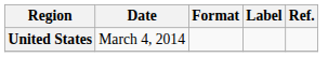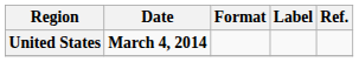 <table class="wikitable plainrowheaders">
 <tr>
 <th scope="col">Region</th>
 <th scope="col">Date</th>
 <th scope="col">Format</th>
 <th scope="col">Label</th>
 <th scope="col">Ref.</th>
 </tr>
 <tr>
 <th scope="row">United States</th>
-<td>March 4, 2014</td>
+<td><strong>March 4, 2014</strong></td>
 <td></td>
 <td></td>
 <td></td>
 </tr>
 <tr>
 </tr>
 </table>
